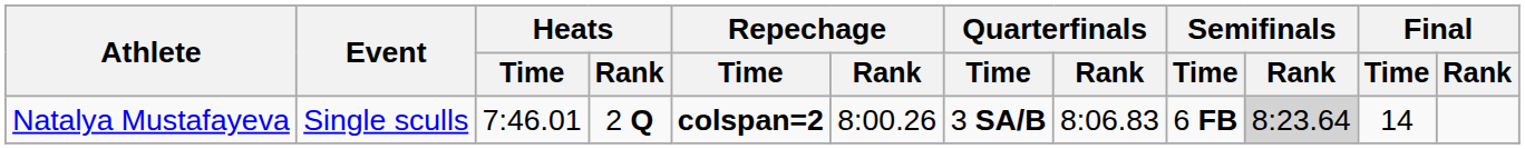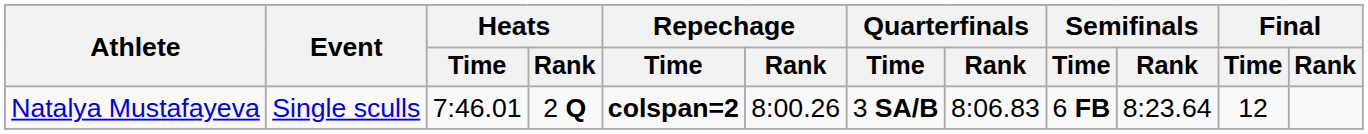 <table class="wikitable" style="font-size:90%">
 <tr>
 <th rowspan="2">Athlete</th>
 <th rowspan="2">Event</th>
 <th colspan="2">Heats</th>
 <th colspan="2">Repechage</th>
 <th colspan=2>Quarterfinals</th>
 <th colspan="2">Semifinals</th>
 <th colspan="2">Final</th>
 </tr>
 <tr style="font-size:95%">
 <th>Time</th>
 <th>Rank</th>
 <th>Time</th>
 <th>Rank</th>
 <th>Time</th>
 <th>Rank</th>
 <th>Time</th>
 <th>Rank</th>
 <th>Time</th>
 <th>Rank</th>
 </tr>
 <tr align=center>
 <td align=left><a href='#'>Natalya Mustafayeva</a></td>
 <td align=left><a href='#'>Single sculls</a></td>
 <td>7:46.01</td>
 <td>2 <strong>Q</strong></td>
 <td><strong>colspan=2 </strong></td>
 <td>8:00.26</td>
 <td>3 <strong>SA/B</strong></td>
 <td>8:06.83</td>
 <td>6 <strong>FB</strong></td>
-<td style="background: lightgrey;">8:23.64</td>
-<td>14</td>
+<td>8:23.64</td>
+<td>12</td>
 </tr>
 </table>
